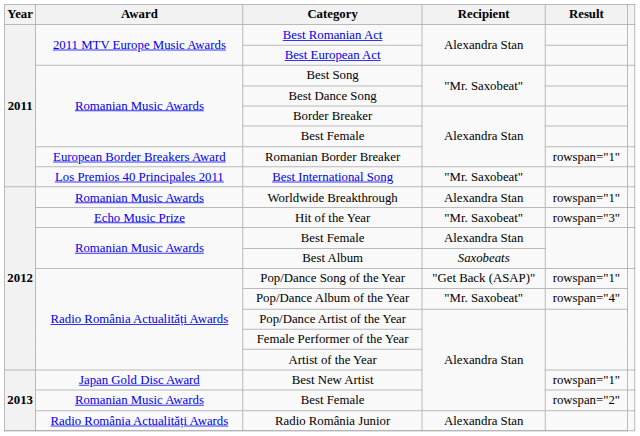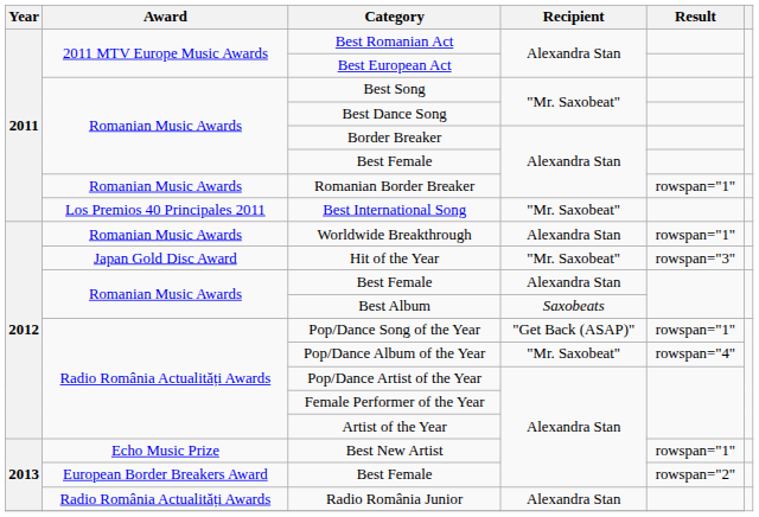 <table class="wikitable plainrowheaders unsortable" style="text-align:center">
 <tr>
 <th style="width:5%;">Year</th>
 <th>Award</th>
 <th>Category</th>
 <th>Recipient</th>
 <th>Result</th>
 <th></th>
 </tr>
 <tr>
 <th scope="row" rowspan="8">2011</th>
 <td rowspan="2"><a href='#'>2011 MTV Europe Music Awards</a></td>
 <td><a href='#'>Best Romanian Act</a></td>
 <td rowspan="2">Alexandra Stan</td>
 <td></td>
 <td rowspan="2"></td>
 </tr>
 <tr>
 <td><a href='#'>Best European Act</a></td>
 <td></td>
 </tr>
 <tr>
 <td rowspan="4"><a href='#'>Romanian Music Awards</a></td>
 <td>Best Song</td>
 <td rowspan="2">"Mr. Saxobeat"</td>
 <td></td>
 <td rowspan="4"></td>
 </tr>
 <tr>
 <td>Best Dance Song</td>
 <td></td>
 </tr>
 <tr>
 <td>Border Breaker</td>
 <td rowspan="3">Alexandra Stan</td>
 <td></td>
 </tr>
 <tr>
 <td>Best Female</td>
 <td></td>
 </tr>
 <tr>
-<td><a href='#'>European Border Breakers Award</a></td>
+<td><a href='#'>Romanian Music Awards</a></td>
 <td>Romanian Border Breaker</td>
 <td>rowspan="1" </td>
 <td></td>
 </tr>
 <tr>
 <td><a href='#'>Los Premios 40 Principales 2011</a></td>
 <td><a href='#'>Best International Song</a></td>
 <td>"Mr. Saxobeat"</td>
 <td></td>
 <td></td>
 </tr>
 <tr>
 <th scope="row" rowspan="9">2012</th>
 <td><a href='#'>Romanian Music Awards</a></td>
 <td>Worldwide Breakthrough</td>
 <td rowspan="1">Alexandra Stan</td>
 <td>rowspan="1" </td>
 <td></td>
 </tr>
 <tr>
-<td><a href='#'>Echo Music Prize</a></td>
+<td><a href='#'>Japan Gold Disc Award</a></td>
 <td>Hit of the Year</td>
 <td rowspan="1">"Mr. Saxobeat"</td>
 <td>rowspan="3" </td>
 <td></td>
 </tr>
 <tr>
 <td rowspan="2"><a href='#'>Romanian Music Awards</a></td>
 <td>Best Female</td>
 <td>Alexandra Stan</td>
 <td rowspan="2"></td>
 </tr>
 <tr>
 <td>Best Album</td>
 <td><em>Saxobeats</em></td>
 </tr>
 <tr>
 <td rowspan="5"><a href='#'>Radio România Actualități Awards</a></td>
 <td>Pop/Dance Song of the Year</td>
 <td>"Get Back (ASAP)"</td>
 <td>rowspan="1" </td>
 <td rowspan="5"></td>
 </tr>
 <tr>
 <td>Pop/Dance Album of the Year</td>
 <td rowspan="1">"Mr. Saxobeat"</td>
 <td>rowspan="4" </td>
 </tr>
 <tr>
 <td>Pop/Dance Artist of the Year</td>
 <td rowspan="5">Alexandra Stan</td>
 </tr>
 <tr>
 <td>Female Performer of the Year</td>
 </tr>
 <tr>
 <td>Artist of the Year</td>
 </tr>
 <tr>
 <th scope="row" rowspan="3">2013</th>
-<td><a href='#'>Japan Gold Disc Award</a></td>
+<td><a href='#'>Echo Music Prize</a></td>
 <td>Best New Artist</td>
 <td>rowspan="1" </td>
 <td></td>
 </tr>
 <tr>
-<td><a href='#'>Romanian Music Awards</a></td>
+<td><a href='#'>European Border Breakers Award</a></td>
 <td>Best Female</td>
 <td>rowspan="2" </td>
 <td></td>
 </tr>
 <tr>
 <td><a href='#'>Radio România Actualități Awards</a></td>
 <td>Radio România Junior</td>
 <td>Alexandra Stan</td>
 <td></td>
 </tr>
 <tr>
 </tr>
 </table>
